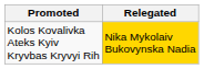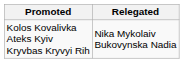 <table class="wikitable">
 <tr>
 <th>Promoted</th>
 <th>Relegated</th>
 </tr>
 <tr>
 <td>Kolos Kovalivka<br>Ateks Kyiv<br>Kryvbas Kryvyi Rih </td>
-<td style="background: gold;">Nika Mykolaiv<br>Bukovynska Nadia </td>
+<td>Nika Mykolaiv<br>Bukovynska Nadia </td>
 </tr>
 </table>
